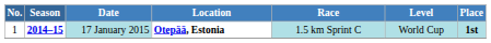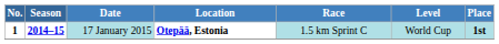 <table class="wikitable sortable" style="font-size:95%; text-align:center; border:grey solid 1px; border-collapse:collapse; background:#ffffff;">
 <tr style="background:#efefef;">
 <th style="background-color:#369; color:white;">No.</th>
 <th style="background-color:#369; color:white;">Season</th>
 <th style="background-color:#4180be; color:white; width:120px;">Date</th>
 <th style="background-color:#4180be; color:white; width:170px;">Location</th>
 <th style="background-color:#4180be; color:white; width:160px;">Race</th>
 <th style="background-color:#4180be; color:white; width:100px;">Level</th>
 <th style="background-color:#4180be; color:white;">Place</th>
 </tr>
 <tr>
-<td align=center>1</td>
+<td align=center><strong>1</strong></td>
 <td rowspan=1 align=center><strong><a href='#'>2014–15</a></strong></td>
 <td bgcolor="#BOEOE6" align=right>17 January 2015</td>
 <td align=left><strong> <a href='#'>Otepää</a>, Estonia</strong></td>
 <td bgcolor="#BOEOE6">1.5 km Sprint C</td>
 <td bgcolor="#BOEOE6">World Cup</td>
 <td bgcolor="#BOEOE6"><strong>1st</strong></td>
 </tr>
 <tr>
 </tr>
 </table>
